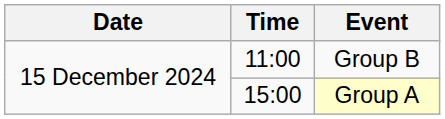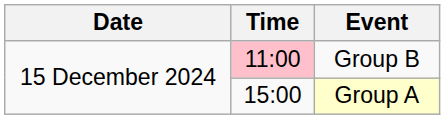 <table class = "wikitable" style="text-align:center;">
 <tr>
 <th width=150>Date</th>
 <th width=50>Time</th>
 <th width=80>Event</th>
 </tr>
 <tr>
 <td rowspan="2">15 December 2024</td>
-<td>11:00</td>
+<td style="background: pink;">11:00</td>
 <td>Group B</td>
 </tr>
 <tr>
 <td>15:00</td>
 <td bgcolor="ffffcc">Group A</td>
 </tr>
 </table>
